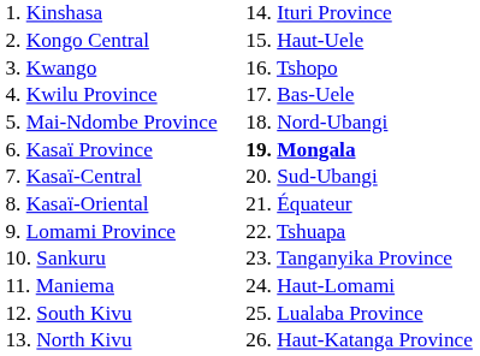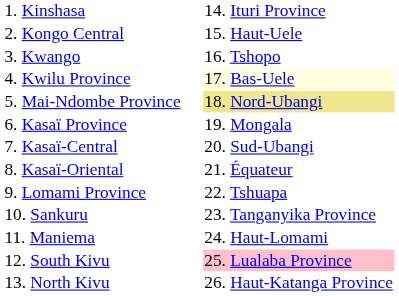 <table style="border-spacing: 20px 1px;">
 <tr>
 <td rowspan="13"></td>
 <td>1. <a href='#'>Kinshasa</a></td>
 <td>14. <a href='#'>Ituri Province</a></td>
 </tr>
 <tr>
 <td>2. <a href='#'>Kongo Central</a></td>
 <td>15. <a href='#'>Haut-Uele</a></td>
 </tr>
 <tr>
 <td>3. <a href='#'>Kwango</a></td>
 <td>16. <a href='#'>Tshopo</a></td>
 </tr>
 <tr>
 <td>4. <a href='#'>Kwilu Province</a></td>
-<td>17. <a href='#'>Bas-Uele</a></td>
+<td style="background: lightyellow;">17. <a href='#'>Bas-Uele</a></td>
 </tr>
 <tr>
 <td>5. <a href='#'>Mai-Ndombe Province</a></td>
-<td>18. <a href='#'>Nord-Ubangi</a></td>
+<td style="background: khaki;">18. <a href='#'>Nord-Ubangi</a></td>
 </tr>
 <tr>
 <td>6. <a href='#'>Kasaï Province</a></td>
-<td><strong>19. <a href='#'>Mongala</a></strong></td>
+<td>19. <a href='#'>Mongala</a></td>
 </tr>
 <tr>
 <td>7. <a href='#'>Kasaï-Central</a></td>
 <td>20. <a href='#'>Sud-Ubangi</a></td>
 </tr>
 <tr>
 <td>8. <a href='#'>Kasaï-Oriental</a></td>
 <td>21. <a href='#'>Équateur</a></td>
 </tr>
 <tr>
 <td>9. <a href='#'>Lomami Province</a></td>
 <td>22. <a href='#'>Tshuapa</a></td>
 </tr>
 <tr>
 <td>10. <a href='#'>Sankuru</a></td>
 <td>23. <a href='#'>Tanganyika Province</a></td>
 </tr>
 <tr>
 <td>11. <a href='#'>Maniema</a></td>
 <td>24. <a href='#'>Haut-Lomami</a></td>
 </tr>
 <tr>
 <td>12. <a href='#'>South Kivu</a></td>
-<td>25. <a href='#'>Lualaba Province</a></td>
+<td style="background: pink;">25. <a href='#'>Lualaba Province</a></td>
 </tr>
 <tr>
 <td>13. <a href='#'>North Kivu</a></td>
 <td>26. <a href='#'>Haut-Katanga Province</a></td>
 </tr>
 </table>
